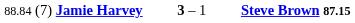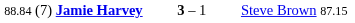 <table style="text-align:center">
 <tr>
 <th width=223></th>
 <th width=100></th>
 <th width=223></th>
 </tr>
 <tr>
 <td align=right><small>88.84</small> (7) <strong><a href='#'>Jamie Harvey</a></strong> </td>
 <td><strong>3</strong> – 1</td>
-<td align=left><strong> <a href='#'>Steve Brown</a> <small>87.15</small></strong></td>
+<td align=left> <a href='#'>Steve Brown</a> <small>87.15</small></td>
 </tr>
 </table>
